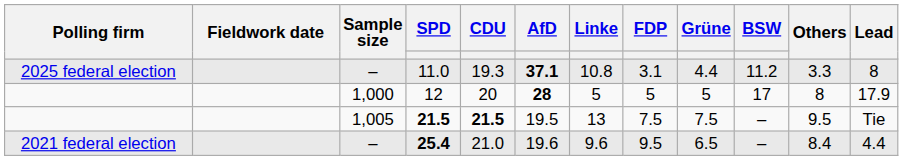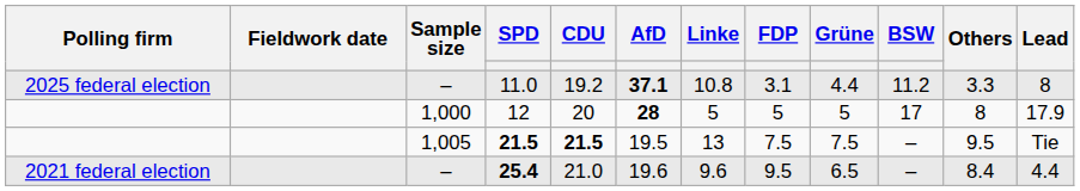 <table class="wikitable sortable mw-datatable mw-collapsible" style="text-align:center;font-size:90%;line-height:14px;">
 <tr style="height:40px;">
 <th style="width:155px;" rowspan="2">Polling firm</th>
 <th style="width:120px;" rowspan="2">Fieldwork date</th>
 <th style="width: 35px;" rowspan="2">Sample<br>size</th>
 <th class="unsortable" style="width:40px;"><a href='#'>SPD</a></th>
 <th class="unsortable" style="width:40px;"><a href='#'>CDU</a></th>
 <th class="unsortable" style="width:40px;"><a href='#'>AfD</a></th>
 <th class="unsortable" style="width:40px;"><a href='#'>Linke</a></th>
 <th class="unsortable" style="width:40px;"><a href='#'>FDP</a></th>
 <th class="unsortable" style="width:40px;"><a href='#'>Grüne</a></th>
 <th class="unsortable" style="width:40px;"><a href='#'>BSW</a></th>
 <th class="unsortable" style="width:30px;" rowspan="2">Others</th>
 <th style="width:30px;" rowspan="2">Lead</th>
 </tr>
 <tr>
 <th style="background:"></th>
 <th style="background:"></th>
 <th style="background:"></th>
 <th style="background:"></th>
 <th style="background:"></th>
 <th style="background:"></th>
 <th style="background:"></th>
 </tr>
 <tr style="background:#E9E9E9;">
 <td><a href='#'>2025 federal election</a></td>
 <td></td>
 <td>–</td>
 <td>11.0</td>
-<td>19.3</td>
+<td>19.2</td>
 <td><strong>37.1</strong></td>
 <td>10.8</td>
 <td>3.1</td>
 <td>4.4</td>
 <td>11.2</td>
 <td>3.3</td>
 <td style="background:">8</td>
 </tr>
 <tr>
 <td></td>
 <td></td>
 <td>1,000</td>
 <td>12</td>
 <td>20</td>
 <td><strong>28</strong></td>
 <td>5</td>
 <td>5</td>
 <td>5</td>
 <td>17</td>
 <td>8</td>
 <td style="background:">17.9</td>
 </tr>
 <tr>
 <td></td>
 <td></td>
 <td>1,005</td>
 <td><strong>21.5</strong></td>
 <td><strong>21.5</strong></td>
 <td>19.5</td>
 <td>13</td>
 <td>7.5</td>
 <td>7.5</td>
 <td>–</td>
 <td>9.5</td>
 <td>Tie</td>
 </tr>
 <tr style="background:#E9E9E9;">
 <td><a href='#'>2021 federal election</a></td>
 <td></td>
 <td>–</td>
 <td><strong>25.4</strong></td>
 <td>21.0</td>
 <td>19.6</td>
 <td>9.6</td>
 <td>9.5</td>
 <td>6.5</td>
 <td>–</td>
 <td>8.4</td>
 <td style="background:">4.4</td>
 </tr>
 </table>
